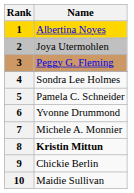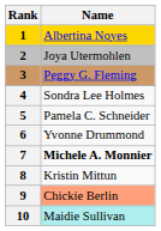 <table class="wikitable">
 <tr>
 <th>Rank</th>
 <th>Name</th>
 </tr>
 <tr bgcolor="gold">
 <td align="center"><strong>1</strong></td>
 <td><a href='#'>Albertina Noyes</a></td>
 </tr>
 <tr bgcolor="silver">
 <td align="center"><strong>2</strong></td>
 <td>Joya Utermohlen</td>
 </tr>
 <tr bgcolor="cc9966">
 <td align="center"><strong>3</strong></td>
 <td><a href='#'>Peggy G. Fleming</a></td>
 </tr>
 <tr bgcolor="d1c571">
 </tr>
 <tr>
 <th>4</th>
 <td>Sondra Lee Holmes</td>
 </tr>
 <tr>
 <th>5</th>
 <td>Pamela C. Schneider</td>
 </tr>
 <tr>
 <th>6</th>
 <td>Yvonne Drummond</td>
 </tr>
 <tr>
 <th>7</th>
-<td>Michele A. Monnier</td>
+<td><strong>Michele A. Monnier</strong></td>
 </tr>
 <tr>
 <th>8</th>
-<td><strong>Kristin Mittun</strong></td>
+<td>Kristin Mittun</td>
 </tr>
 <tr>
 <th>9</th>
-<td>Chickie Berlin</td>
+<td style="background: lightsalmon;">Chickie Berlin</td>
 </tr>
 <tr>
 <th>10</th>
-<td>Maidie Sullivan</td>
+<td style="background: paleturquoise;">Maidie Sullivan</td>
 </tr>
 </table>
